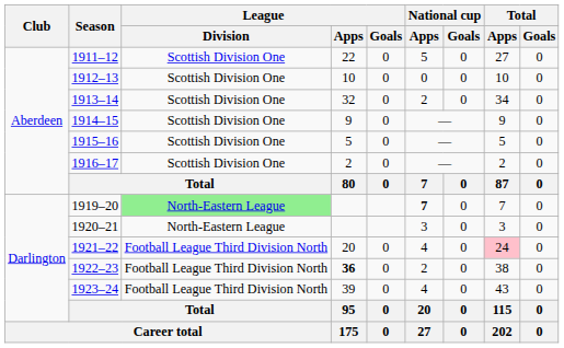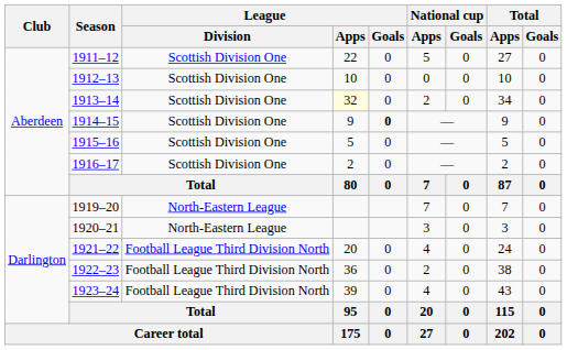 <table class="wikitable" style="text-align:center">
 <tr>
 <th rowspan="2">Club</th>
 <th rowspan="2">Season</th>
 <th colspan="3">League</th>
 <th colspan="2">National cup</th>
 <th colspan="2">Total</th>
 </tr>
 <tr>
 <th>Division</th>
 <th>Apps</th>
 <th>Goals</th>
 <th>Apps</th>
 <th>Goals</th>
 <th>Apps</th>
 <th>Goals</th>
 </tr>
 <tr>
 <td rowspan="7"><a href='#'>Aberdeen</a></td>
 <td><a href='#'>1911–12</a></td>
 <td><a href='#'>Scottish Division One</a></td>
 <td>22</td>
 <td>0</td>
 <td>5</td>
 <td>0</td>
 <td>27</td>
 <td>0</td>
 </tr>
 <tr>
 <td><a href='#'>1912–13</a></td>
 <td>Scottish Division One</td>
 <td>10</td>
 <td>0</td>
 <td>0</td>
 <td>0</td>
 <td>10</td>
 <td>0</td>
 </tr>
 <tr>
 <td><a href='#'>1913–14</a></td>
 <td>Scottish Division One</td>
-<td>32</td>
+<td style="background: lightyellow;">32</td>
 <td>0</td>
 <td>2</td>
 <td>0</td>
 <td>34</td>
 <td>0</td>
 </tr>
 <tr>
 <td><a href='#'>1914–15</a></td>
 <td>Scottish Division One</td>
 <td>9</td>
-<td>0</td>
+<td><strong>0</strong></td>
 <td colspan="2">—</td>
 <td>9</td>
 <td>0</td>
 </tr>
 <tr>
 <td><a href='#'>1915–16</a></td>
 <td>Scottish Division One</td>
 <td>5</td>
 <td>0</td>
 <td colspan="2">—</td>
 <td>5</td>
 <td>0</td>
 </tr>
 <tr>
 <td><a href='#'>1916–17</a></td>
 <td>Scottish Division One</td>
 <td>2</td>
 <td>0</td>
 <td colspan="2">—</td>
 <td>2</td>
 <td>0</td>
 </tr>
 <tr>
 <th colspan="2">Total</th>
 <th>80</th>
 <th>0</th>
 <th>7</th>
 <th>0</th>
 <th>87</th>
 <th>0</th>
 </tr>
 <tr>
 <td rowspan="6"><a href='#'>Darlington</a></td>
 <td>1919–20</td>
-<td style="background: lightgreen;"><a href='#'>North-Eastern League</a></td>
+<td><a href='#'>North-Eastern League</a></td>
 <td></td>
 <td></td>
-<td><strong>7</strong></td>
+<td>7</td>
 <td>0</td>
 <td>7</td>
 <td>0</td>
 </tr>
 <tr>
 <td>1920–21</td>
 <td>North-Eastern League</td>
 <td></td>
 <td></td>
 <td>3</td>
 <td>0</td>
 <td>3</td>
 <td>0</td>
 </tr>
 <tr>
 <td><a href='#'>1921–22</a></td>
 <td><a href='#'>Football League Third Division North</a></td>
 <td>20</td>
 <td>0</td>
 <td>4</td>
 <td>0</td>
-<td style="background: pink;">24</td>
+<td>24</td>
 <td>0</td>
 </tr>
 <tr>
 <td><a href='#'>1922–23</a></td>
 <td>Football League Third Division North</td>
-<td><strong>36</strong></td>
+<td>36</td>
 <td>0</td>
 <td>2</td>
 <td>0</td>
 <td>38</td>
 <td>0</td>
 </tr>
 <tr>
 <td><a href='#'>1923–24</a></td>
 <td>Football League Third Division North</td>
 <td>39</td>
 <td>0</td>
 <td>4</td>
 <td>0</td>
 <td>43</td>
 <td>0</td>
 </tr>
 <tr>
 <th colspan="2">Total</th>
 <th>95</th>
 <th>0</th>
 <th>20</th>
 <th>0</th>
 <th>115</th>
 <th>0</th>
 </tr>
 <tr>
 <th colspan="3">Career total</th>
 <th>175</th>
 <th>0</th>
 <th>27</th>
 <th>0</th>
 <th>202</th>
 <th>0</th>
 </tr>
 </table>
